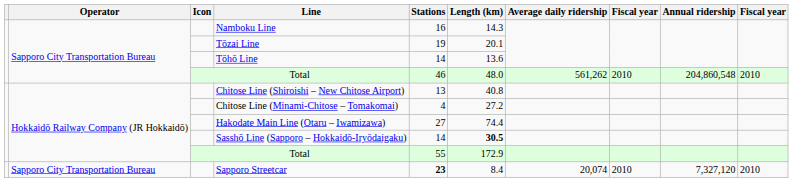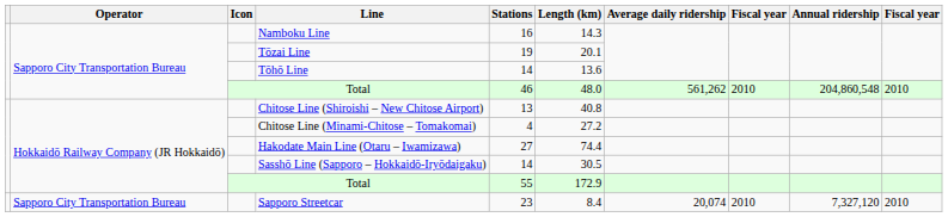 <table class="wikitable sortable">
 <tr>
 <th></th>
 <th>Operator</th>
 <th>Icon</th>
 <th>Line</th>
 <th>Stations</th>
 <th>Length (km)</th>
 <th>Average daily ridership</th>
 <th>Fiscal year</th>
 <th>Annual ridership</th>
 <th>Fiscal year</th>
 </tr>
 <tr>
 <td rowspan="4" style="text-align:center"></td>
 <td rowspan="4"><br><a href='#'>Sapporo City Transportation Bureau</a></td>
 <td></td>
 <td><a href='#'>Namboku Line</a></td>
 <td style="text-align:right">16</td>
 <td style="text-align:right">14.3</td>
 <td rowspan="3" style="text-align:right"></td>
 <td rowspan="3"></td>
 <td rowspan="3" style="text-align:right"></td>
 <td rowspan="3"></td>
 </tr>
 <tr>
 <td></td>
 <td><a href='#'>Tōzai Line</a></td>
 <td style="text-align:right">19</td>
 <td style="text-align:right">20.1</td>
 </tr>
 <tr>
 <td></td>
 <td><a href='#'>Tōhō Line</a></td>
 <td style="text-align:right">14</td>
 <td style="text-align:right">13.6</td>
 </tr>
 <tr style="background:#ddffdd;">
 <td colspan="2" style="text-align:center;">Total</td>
 <td style="text-align:right">46</td>
 <td style="text-align:right">48.0</td>
 <td style="text-align:right">561,262</td>
 <td>2010</td>
 <td style="text-align:right">204,860,548</td>
 <td>2010</td>
 </tr>
 <tr>
 <td rowspan="5" style="text-align:center"></td>
 <td rowspan="5"><br><a href='#'>Hokkaidō Railway Company</a> (JR Hokkaidō)</td>
 <td></td>
 <td><a href='#'>Chitose Line</a> (<a href='#'>Shiroishi</a> ‒ <a href='#'>New Chitose Airport</a>)</td>
 <td style="text-align:right">13</td>
 <td style="text-align:right">40.8</td>
 <td></td>
 <td></td>
 <td></td>
 <td></td>
 </tr>
 <tr>
 <td></td>
 <td>Chitose Line (<a href='#'>Minami-Chitose</a> ‒ <a href='#'>Tomakomai</a>)</td>
 <td style="text-align:right">4</td>
 <td style="text-align:right">27.2</td>
 <td></td>
 <td></td>
 <td></td>
 <td></td>
 </tr>
 <tr>
 <td></td>
 <td><a href='#'>Hakodate Main Line</a> (<a href='#'>Otaru</a> ‒ <a href='#'>Iwamizawa</a>)</td>
 <td style="text-align:right">27</td>
 <td style="text-align:right">74.4</td>
 <td></td>
 <td></td>
 <td></td>
 <td></td>
 </tr>
 <tr>
 <td></td>
 <td><a href='#'>Sasshō Line</a> (<a href='#'>Sapporo</a> ‒ <a href='#'>Hokkaidō-Iryōdaigaku</a>)</td>
 <td style="text-align:right">14</td>
-<td style="text-align:right"><strong>30.5</strong></td>
+<td style="text-align:right">30.5</td>
 <td></td>
 <td></td>
 <td></td>
 <td></td>
 </tr>
 <tr style="background:#ddffdd;">
 <td colspan="2" style="text-align:center;">Total</td>
 <td style="text-align:right">55</td>
 <td style="text-align:right">172.9</td>
 <td></td>
 <td></td>
 <td></td>
 <td><br></td>
 </tr>
 <tr>
 <td style="text-align:center"></td>
 <td><a href='#'>Sapporo City Transportation Bureau</a></td>
 <td></td>
 <td><a href='#'>Sapporo Streetcar</a></td>
-<td style="text-align:right"><strong>23</strong></td>
+<td style="text-align:right">23</td>
 <td style="text-align:right">8.4</td>
 <td style="text-align:right">20,074</td>
 <td>2010</td>
 <td style="text-align:right">7,327,120</td>
 <td>2010</td>
 </tr>
 </table>
